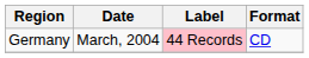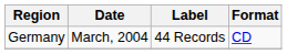 <table class="wikitable">
 <tr>
 <th>Region</th>
 <th>Date</th>
 <th>Label</th>
 <th>Format</th>
 </tr>
 <tr>
 <td>Germany</td>
 <td rowspan="1">March, 2004</td>
-<td rowspan="1" style="background: pink;">44 Records</td>
+<td rowspan="1">44 Records</td>
 <td rowspan="1"><a href='#'>CD</a></td>
 </tr>
 <tr>
 </tr>
 </table>
